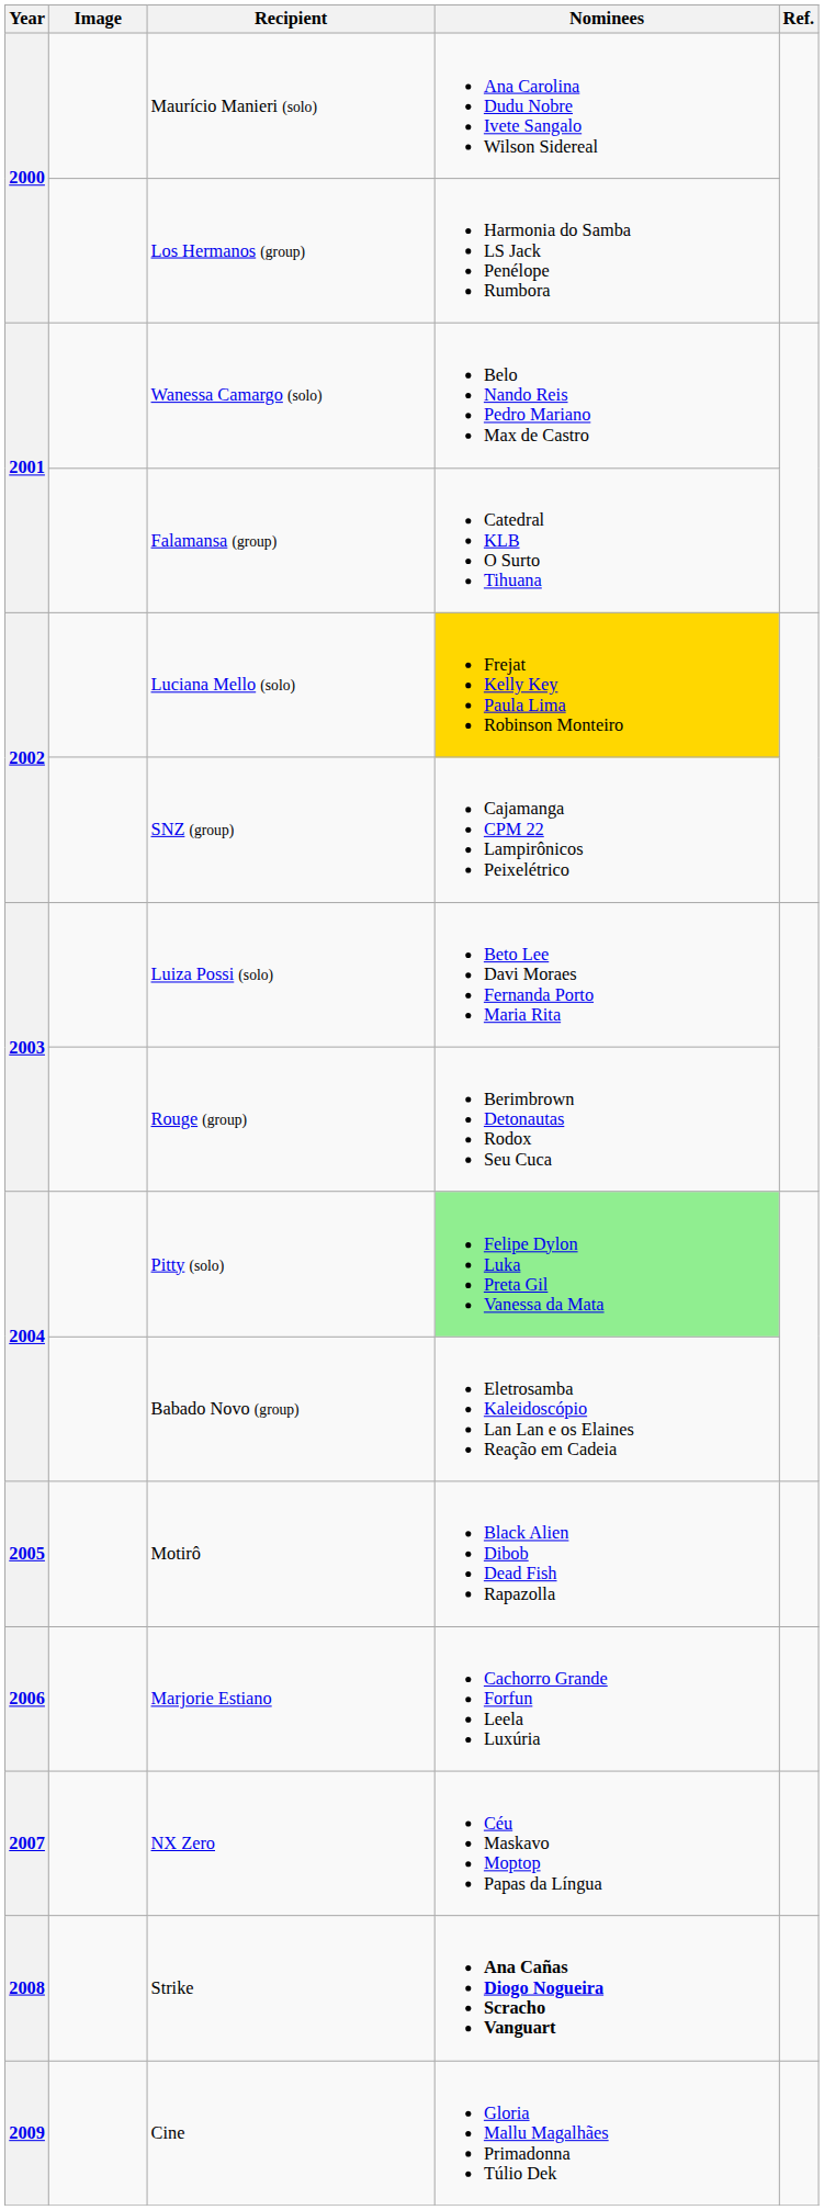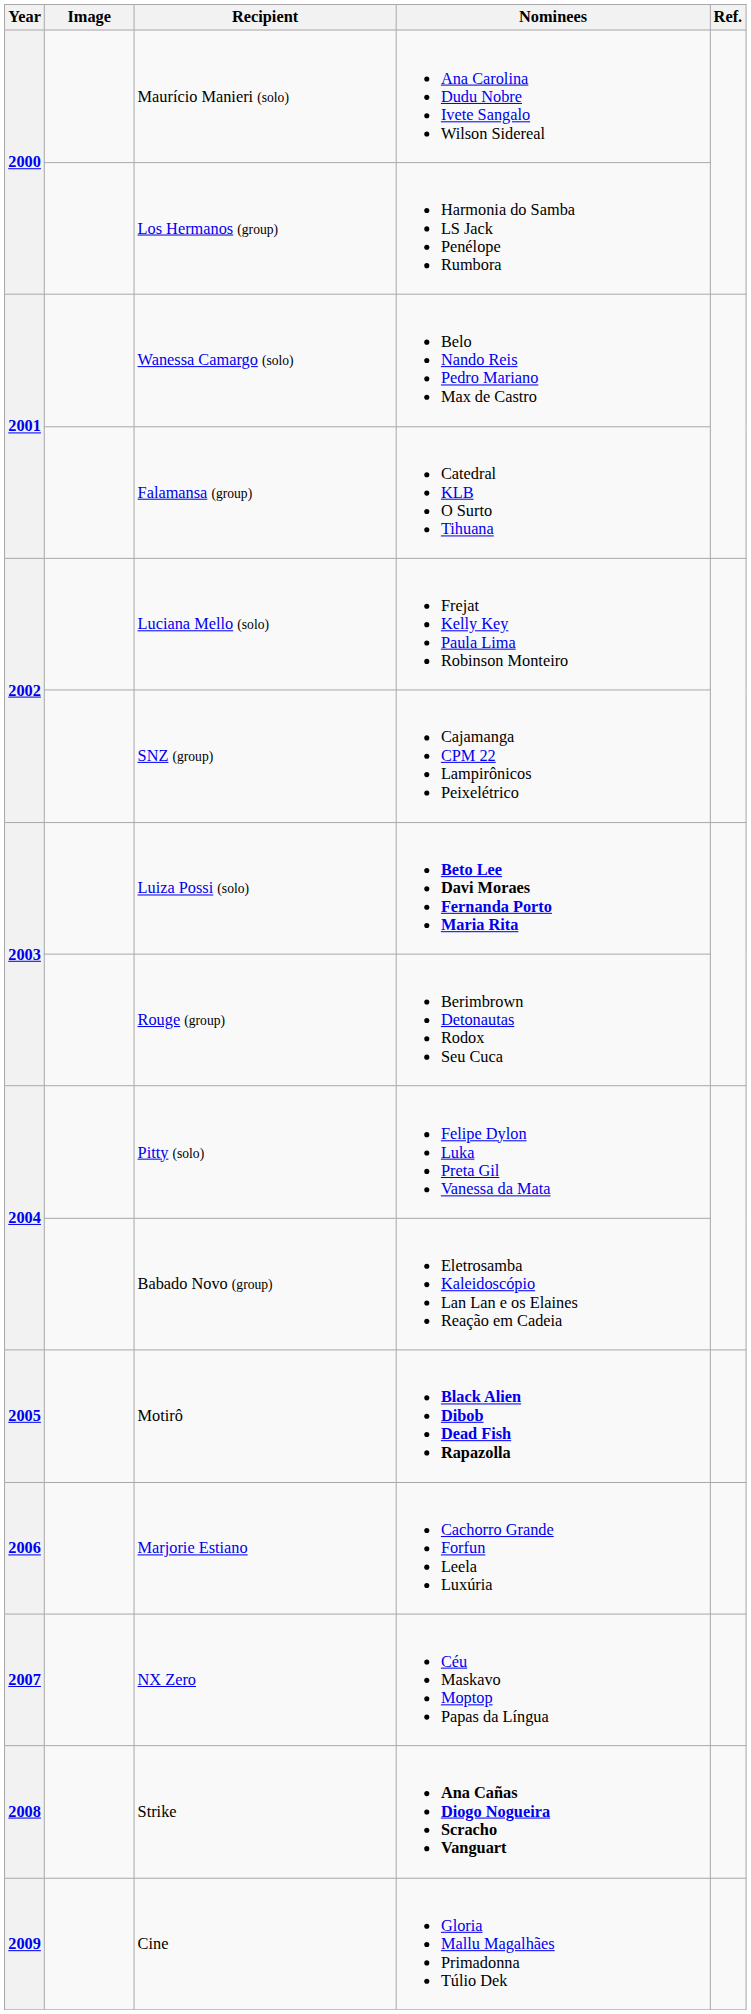 <table class="wikitable sortable">
 <tr>
 <th scope="col" bgcolor="#efefef">Year</th>
 <th scope="col" bgcolor="#efefef" width=80px>Image</th>
 <th scope="col" bgcolor="#efefef" width=250px>Recipient</th>
 <th scope="col" bgcolor="#efefef" width=300px class=unsortable>Nominees</th>
 <th scope="col" bgcolor="#efefef" class=unsortable>Ref.</th>
 </tr>
 <tr>
 <th scope="row" rowspan="2"><a href='#'>2000</a></th>
 <td align="center"></td>
 <td>Maurício Manieri <small>(solo)</small></td>
 <td><br><ul><li><a href='#'>Ana Carolina</a></li><li><a href='#'>Dudu Nobre</a></li><li><a href='#'>Ivete Sangalo</a></li><li>Wilson Sidereal</li></ul></td>
 <td rowspan="2"></td>
 </tr>
 <tr>
 <td align="center"></td>
 <td><a href='#'>Los Hermanos</a> <small>(group)</small></td>
 <td><br><ul><li>Harmonia do Samba</li><li>LS Jack</li><li>Penélope</li><li>Rumbora</li></ul></td>
 </tr>
 <tr>
 <th scope="row" rowspan="2"><a href='#'>2001</a></th>
 <td align="center"></td>
 <td><a href='#'>Wanessa Camargo</a> <small>(solo)</small></td>
 <td><br><ul><li>Belo</li><li><a href='#'>Nando Reis</a></li><li><a href='#'>Pedro Mariano</a></li><li>Max de Castro</li></ul></td>
 <td rowspan="2"></td>
 </tr>
 <tr>
 <td align="center"></td>
 <td><a href='#'>Falamansa</a> <small>(group)</small></td>
 <td><br><ul><li>Catedral</li><li><a href='#'>KLB</a></li><li>O Surto</li><li><a href='#'>Tihuana</a></li></ul></td>
 </tr>
 <tr>
 <th scope="row" rowspan="2"><a href='#'>2002</a></th>
 <td align="center"></td>
 <td><a href='#'>Luciana Mello</a> <small>(solo)</small></td>
-<td style="background: gold;"><br><ul><li>Frejat</li><li><a href='#'>Kelly Key</a></li><li><a href='#'>Paula Lima</a></li><li>Robinson Monteiro</li></ul></td>
+<td><br><ul><li>Frejat</li><li><a href='#'>Kelly Key</a></li><li><a href='#'>Paula Lima</a></li><li>Robinson Monteiro</li></ul></td>
 <td rowspan="2"></td>
 </tr>
 <tr>
 <td align="center"></td>
 <td><a href='#'>SNZ</a> <small>(group)</small></td>
 <td><br><ul><li>Cajamanga</li><li><a href='#'>CPM 22</a></li><li>Lampirônicos</li><li>Peixelétrico</li></ul></td>
 </tr>
 <tr>
 <th scope="row" rowspan="2"><a href='#'>2003</a></th>
 <td align="center"></td>
 <td><a href='#'>Luiza Possi</a> <small>(solo)</small></td>
-<td><br><ul><li><a href='#'>Beto Lee</a></li><li>Davi Moraes</li><li><a href='#'>Fernanda Porto</a></li><li><a href='#'>Maria Rita</a></li></ul></td>
+<td><strong><br><ul><li><a href='#'>Beto Lee</a></li><li>Davi Moraes</li><li><a href='#'>Fernanda Porto</a></li><li><a href='#'>Maria Rita</a></li></ul></strong></td>
 <td rowspan="2"></td>
 </tr>
 <tr>
 <td align="center"></td>
 <td><a href='#'>Rouge</a> <small>(group)</small></td>
 <td><br><ul><li>Berimbrown</li><li><a href='#'>Detonautas</a></li><li>Rodox</li><li>Seu Cuca</li></ul></td>
 </tr>
 <tr>
 <th scope="row" rowspan="2"><a href='#'>2004</a></th>
 <td align="center"></td>
 <td><a href='#'>Pitty</a> <small>(solo)</small></td>
-<td style="background: lightgreen;"><br><ul><li><a href='#'>Felipe Dylon</a></li><li><a href='#'>Luka</a></li><li><a href='#'>Preta Gil</a></li><li><a href='#'>Vanessa da Mata</a></li></ul></td>
+<td><br><ul><li><a href='#'>Felipe Dylon</a></li><li><a href='#'>Luka</a></li><li><a href='#'>Preta Gil</a></li><li><a href='#'>Vanessa da Mata</a></li></ul></td>
 <td rowspan="2"></td>
 </tr>
 <tr>
 <td align="center"></td>
 <td>Babado Novo <small>(group)</small></td>
 <td><br><ul><li>Eletrosamba</li><li><a href='#'>Kaleidoscópio</a></li><li>Lan Lan e os Elaines</li><li>Reação em Cadeia</li></ul></td>
 </tr>
 <tr>
 <th scope="row"><a href='#'>2005</a></th>
 <td align="center"></td>
 <td>Motirô</td>
-<td><br><ul><li><a href='#'>Black Alien</a></li><li><a href='#'>Dibob</a></li><li><a href='#'>Dead Fish</a></li><li>Rapazolla</li></ul></td>
+<td><strong><br><ul><li><a href='#'>Black Alien</a></li><li><a href='#'>Dibob</a></li><li><a href='#'>Dead Fish</a></li><li>Rapazolla</li></ul></strong></td>
 <td></td>
 </tr>
 <tr>
 <th scope="row"><a href='#'>2006</a></th>
 <td align="center"></td>
 <td><a href='#'>Marjorie Estiano</a></td>
 <td><br><ul><li><a href='#'>Cachorro Grande</a></li><li><a href='#'>Forfun</a></li><li>Leela</li><li>Luxúria</li></ul></td>
 <td></td>
 </tr>
 <tr>
 <th scope="row"><a href='#'>2007</a></th>
 <td align="center"></td>
 <td><a href='#'>NX Zero</a></td>
 <td><br><ul><li><a href='#'>Céu</a></li><li>Maskavo</li><li><a href='#'>Moptop</a></li><li>Papas da Língua</li></ul></td>
 <td></td>
 </tr>
 <tr>
 <th scope="row"><a href='#'>2008</a></th>
 <td align="center"></td>
 <td>Strike</td>
 <td><strong><br><ul><li>Ana Cañas</li><li><a href='#'>Diogo Nogueira</a></li><li>Scracho</li><li>Vanguart</li></ul></strong></td>
 <td></td>
 </tr>
 <tr>
 <th scope="row"><a href='#'>2009</a></th>
 <td align="center"></td>
 <td>Cine</td>
 <td><br><ul><li><a href='#'>Gloria</a></li><li><a href='#'>Mallu Magalhães</a></li><li>Primadonna</li><li>Túlio Dek</li></ul></td>
 <td></td>
 </tr>
 </table>
